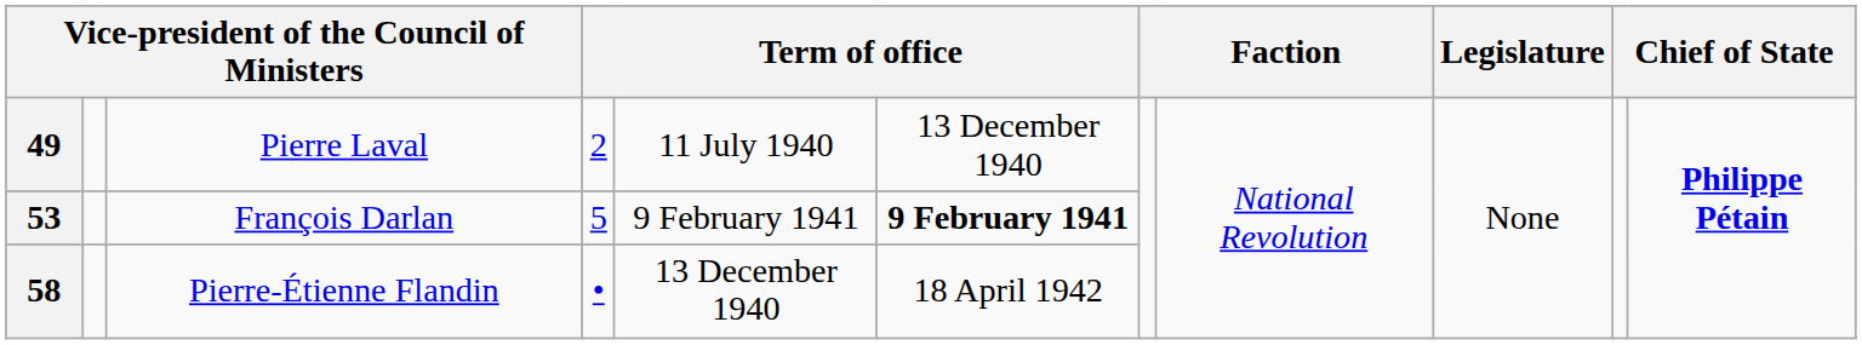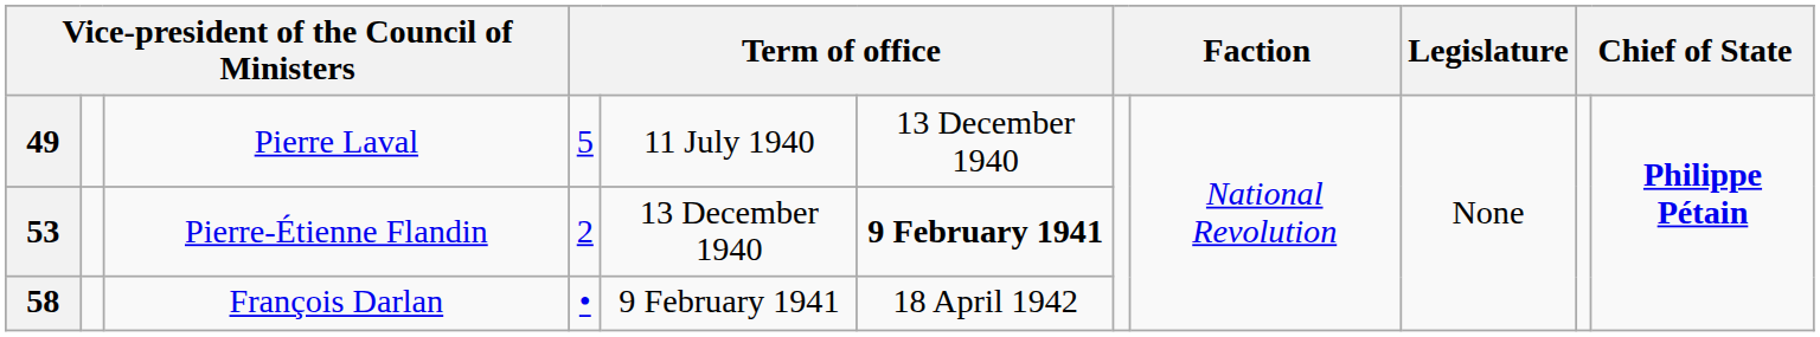 <table class="wikitable" style="text-align:center;">
 <tr>
 <th colspan=3>Vice-president of the Council of Ministers<br></th>
 <th colspan=3>Term of office</th>
 <th colspan=2>Faction</th>
 <th>Legislature<br></th>
 <th colspan=2>Chief of State<br></th>
 </tr>
 <tr>
 <th>49</th>
 <td></td>
 <td><a href='#'>Pierre Laval</a><br></td>
-<td><a href='#'>2</a></td>
+<td><a href='#'>5</a></td>
 <td>11 July 1940</td>
 <td>13 December 1940</td>
 <td rowspan=3 style="background:"></td>
 <td rowspan=3><em><a href='#'>National Revolution</a></em></td>
 <td rowspan=3>None</td>
 <td rowspan=3 style="background:"></td>
 <td rowspan=3><strong><a href='#'>Philippe Pétain</a></strong><br><br></td>
 </tr>
 <tr>
 <th>53</th>
 <td></td>
-<td><a href='#'>François Darlan</a><br></td>
-<td><a href='#'>5</a></td>
-<td>9 February 1941</td>
+<td><a href='#'>Pierre-Étienne Flandin</a><br></td>
+<td><a href='#'>2</a></td>
+<td>13 December 1940</td>
 <td><strong>9 February 1941</strong></td>
 </tr>
 <tr>
 <th>58</th>
 <td></td>
-<td><a href='#'>Pierre-Étienne Flandin</a><br></td>
+<td><a href='#'>François Darlan</a><br></td>
 <td><a href='#'>•</a></td>
-<td>13 December 1940</td>
+<td>9 February 1941</td>
 <td>18 April 1942</td>
 </tr>
 </table>
